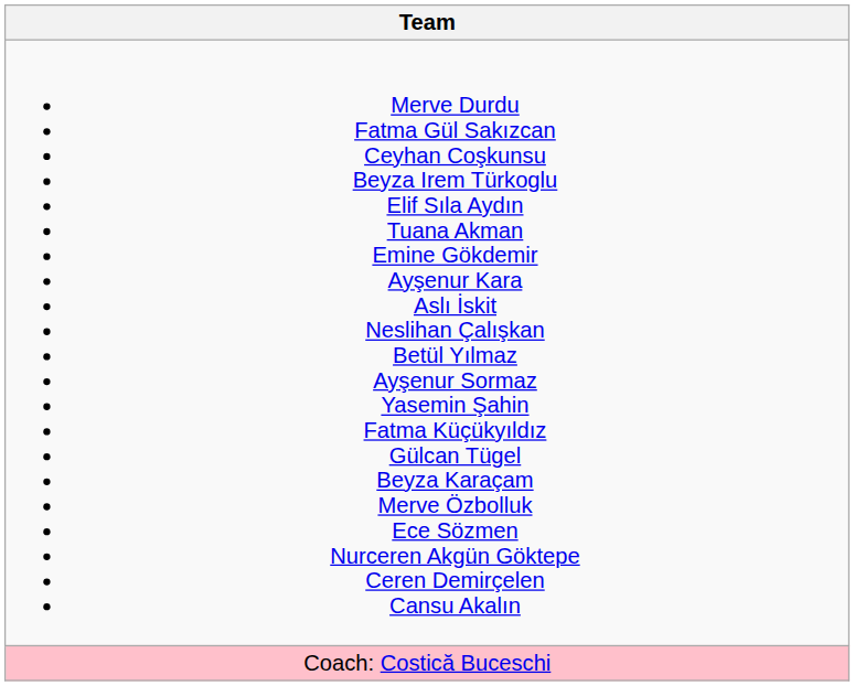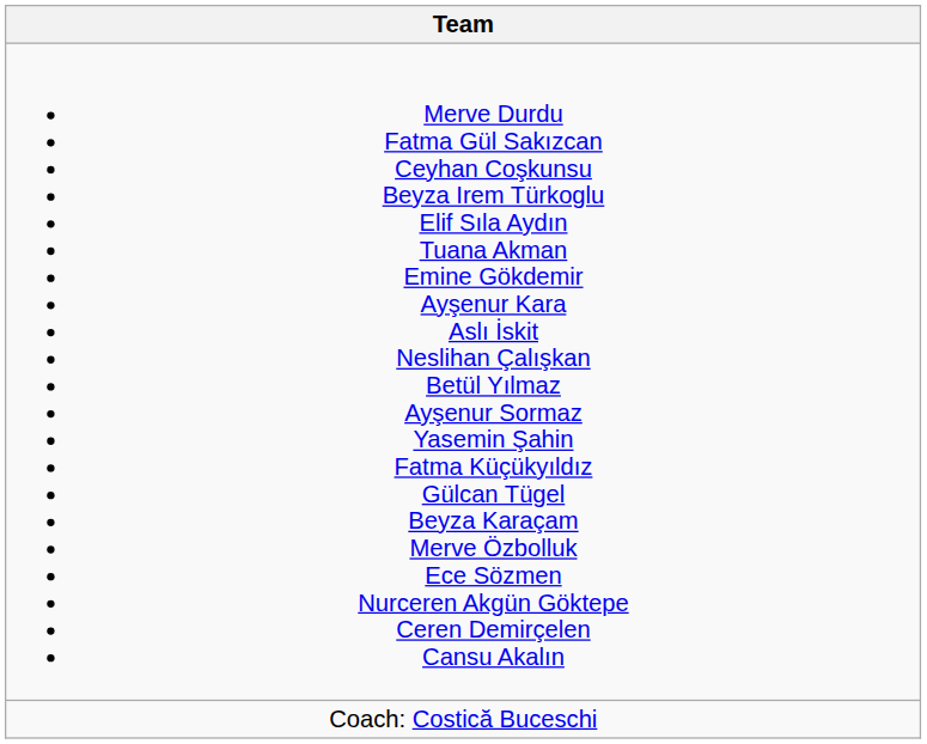 <table class="wikitable" style="text-align: center;">
 <tr>
 <th width=600>Team</th>
 </tr>
 <tr>
 <td><br><ul><li><a href='#'>Merve Durdu</a></li><li><a href='#'>Fatma Gül Sakızcan</a></li><li><a href='#'>Ceyhan Coşkunsu</a></li><li><a href='#'>Beyza Irem Türkoglu</a></li><li><a href='#'>Elif Sıla Aydın</a></li><li><a href='#'>Tuana Akman</a></li><li><a href='#'>Emine Gökdemir</a></li><li><a href='#'>Ayşenur Kara</a></li><li><a href='#'>Aslı İskit</a></li><li><a href='#'>Neslihan Çalışkan</a></li><li><a href='#'>Betül Yılmaz</a></li><li><a href='#'>Ayşenur Sormaz</a></li><li><a href='#'>Yasemin Şahin</a></li><li><a href='#'>Fatma Küçükyıldız</a></li><li><a href='#'>Gülcan Tügel</a></li><li><a href='#'>Beyza Karaçam</a></li><li><a href='#'>Merve Özbolluk</a></li><li><a href='#'>Ece Sözmen</a></li><li><a href='#'>Nurceren Akgün Göktepe</a></li><li><a href='#'>Ceren Demirçelen</a></li><li><a href='#'>Cansu Akalın</a></li></ul></td>
 </tr>
 <tr>
-<td style="background: pink;">Coach: <a href='#'>Costică Buceschi</a></td>
+<td>Coach: <a href='#'>Costică Buceschi</a></td>
 </tr>
 </table>
